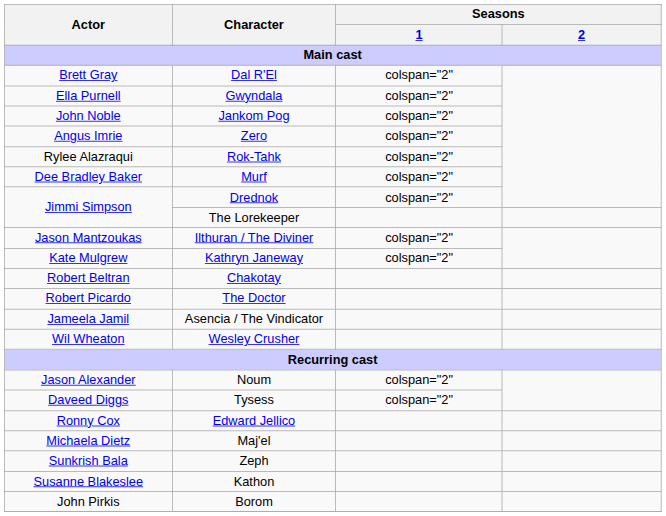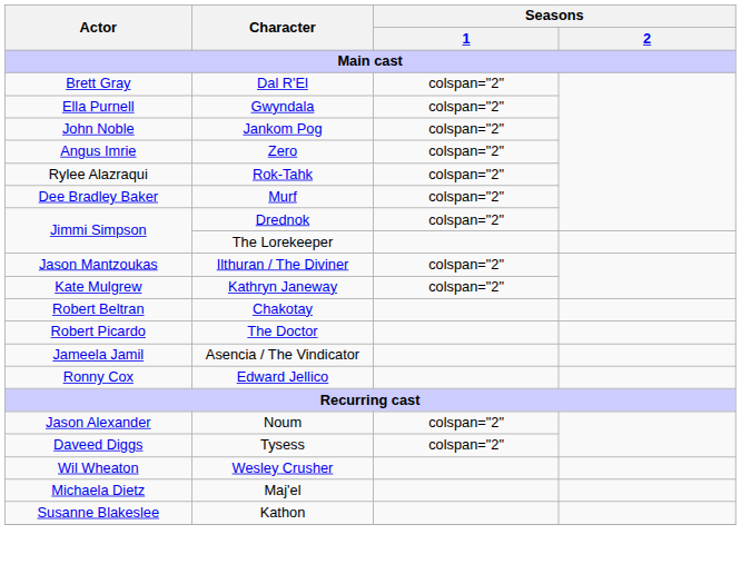 <table class="wikitable" style="text-align:center; width:65%;">
 <tr>
 <th rowspan="2" style="width:10%">Actor</th>
 <th rowspan="2" style="width:10%">Character</th>
 <th colspan="2">Seasons</th>
 </tr>
 <tr>
 <th scope="col" style="width:10%"><a href='#'>1</a></th>
 <th scope="col" style="width:10%"><a href='#'>2</a></th>
 </tr>
 <tr>
 <th colspan="4" style="background-color:#ccccff;">Main cast</th>
 </tr>
 <tr>
 <td><a href='#'>Brett Gray</a></td>
 <td scope="row"><a href='#'>Dal R'El</a></td>
 <td>colspan="2" </td>
 </tr>
 <tr>
 <td><a href='#'>Ella Purnell</a></td>
 <td scope="row"><a href='#'>Gwyndala</a></td>
 <td>colspan="2" </td>
 </tr>
 <tr>
 <td><a href='#'>John Noble</a></td>
 <td scope="row"><a href='#'>Jankom Pog</a></td>
 <td>colspan="2" </td>
 </tr>
 <tr>
 <td><a href='#'>Angus Imrie</a></td>
 <td scope="row"><a href='#'>Zero</a></td>
 <td>colspan="2" </td>
 </tr>
 <tr>
 <td>Rylee Alazraqui</td>
 <td scope="row"><a href='#'>Rok-Tahk</a></td>
 <td>colspan="2" </td>
 </tr>
 <tr>
 <td><a href='#'>Dee Bradley Baker</a></td>
 <td scope="row"><a href='#'>Murf</a></td>
 <td>colspan="2" </td>
 </tr>
 <tr>
 <td rowspan="2"><a href='#'>Jimmi Simpson</a></td>
 <td scope="row"><a href='#'>Drednok</a></td>
 <td>colspan="2" </td>
 </tr>
 <tr>
 <td>The Lorekeeper</td>
 <td></td>
 <td></td>
 </tr>
 <tr>
 <td><a href='#'>Jason Mantzoukas</a></td>
 <td scope="row"><a href='#'>Ilthuran / The Diviner</a></td>
 <td>colspan="2" </td>
 </tr>
 <tr>
 <td><a href='#'>Kate Mulgrew</a></td>
 <td scope="row"><a href='#'>Kathryn Janeway</a></td>
 <td>colspan="2" </td>
 </tr>
 <tr>
 <td><a href='#'>Robert Beltran</a></td>
 <td scope="row"><a href='#'>Chakotay</a></td>
 <td></td>
 <td></td>
 </tr>
 <tr>
 <td><a href='#'>Robert Picardo</a></td>
 <td scope="row"><a href='#'>The Doctor</a></td>
 <td></td>
 <td></td>
 </tr>
 <tr>
 <td><a href='#'>Jameela Jamil</a></td>
 <td scope="row">Asencia / The Vindicator</td>
 <td></td>
 <td></td>
 </tr>
 <tr>
-<td><a href='#'>Wil Wheaton</a></td>
-<td scope="row"><a href='#'>Wesley Crusher</a></td>
+<td><a href='#'>Ronny Cox</a></td>
+<td scope="row"><a href='#'>Edward Jellico</a></td>
 <td></td>
 <td></td>
 </tr>
 <tr>
 <th colspan="4" style="background-color:#ccccff;">Recurring cast</th>
 </tr>
 <tr>
 <td><a href='#'>Jason Alexander</a></td>
 <td scope="row">Noum</td>
 <td>colspan="2" </td>
 </tr>
 <tr>
 <td><a href='#'>Daveed Diggs</a></td>
 <td scope="row">Tysess</td>
 <td>colspan="2" </td>
 </tr>
 <tr>
-<td><a href='#'>Ronny Cox</a></td>
-<td scope="row"><a href='#'>Edward Jellico</a></td>
+<td><a href='#'>Wil Wheaton</a></td>
+<td scope="row"><a href='#'>Wesley Crusher</a></td>
 <td></td>
 <td></td>
 </tr>
 <tr>
 <td><a href='#'>Michaela Dietz</a></td>
 <td scope="row">Maj'el</td>
 <td></td>
 <td></td>
 </tr>
 <tr>
-<td><a href='#'>Sunkrish Bala</a></td>
-<td scope="row">Zeph</td>
-<td></td>
-<td></td>
-</tr>
-<tr>
 <td><a href='#'>Susanne Blakeslee</a></td>
 <td scope="row">Kathon</td>
 <td></td>
 <td></td>
 </tr>
 <tr>
-<td>John Pirkis</td>
-<td scope="row">Borom</td>
-<td></td>
-<td></td>
-</tr>
-<tr>
 </tr>
 </table>
